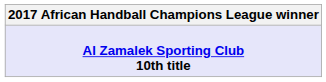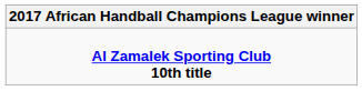 <table class=wikitable style="text-align:center; margin:auto">
 <tr>
 <th>2017 African Handball Champions League winner</th>
 </tr>
 <tr>
-<td style="background: lavender;"><br><strong><a href='#'>Al Zamalek Sporting Club</a></strong><br><strong>10th title</strong></td>
+<td><br><strong><a href='#'>Al Zamalek Sporting Club</a></strong><br><strong>10th title</strong></td>
 </tr>
 </table>
